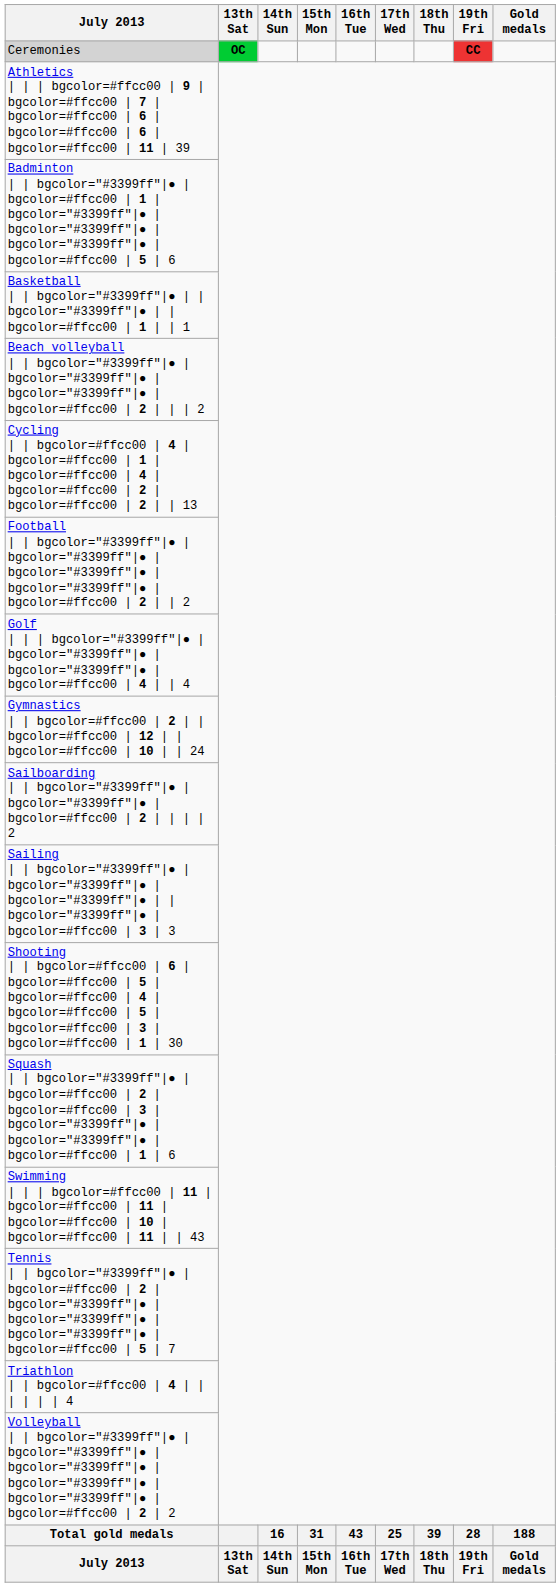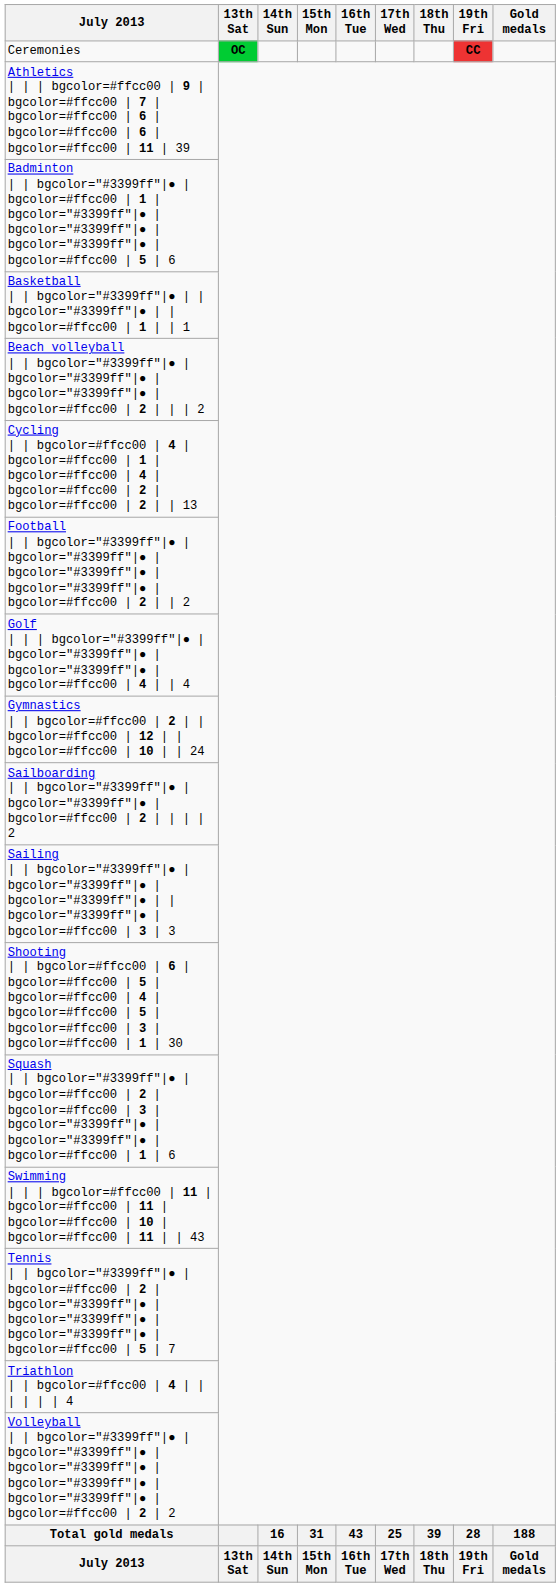 <table class="wikitable" style="margin:0.5em auto; font-size:90%; line-height:1.25em;">
 <tr>
 <th width=200>July 2013</th>
 <th width=32>13th<br>Sat</th>
 <th width=32>14th<br>Sun</th>
 <th width=32>15th<br>Mon</th>
 <th width=32>16th<br>Tue</th>
 <th width=32>17th<br>Wed</th>
 <th width=32>18th<br>Thu</th>
 <th width=32>19th<br>Fri</th>
 <th width=55>Gold<br>medals</th>
 </tr>
 <tr>
-<td style="background: lightgrey;">Ceremonies</td>
+<td>Ceremonies</td>
 <td bgcolor=#00cc33 align=center><strong>OC</strong></td>
 <td></td>
 <td></td>
 <td></td>
 <td></td>
 <td></td>
 <td bgcolor=#ee3333 align=center><strong>CC</strong></td>
 <td></td>
 </tr>
 <tr align="center">
 <td align="left"> <a href='#'>Athletics</a><br>| |  | bgcolor=#ffcc00 | <strong>9</strong> | bgcolor=#ffcc00 | <strong>7</strong> | bgcolor=#ffcc00 | <strong>6</strong> | bgcolor=#ffcc00 | <strong>6</strong> | bgcolor=#ffcc00 | <strong>11</strong> | 39</td>
 </tr>
 <tr align="center">
 <td align="left"> <a href='#'>Badminton</a><br>| | bgcolor="#3399ff"|● | bgcolor=#ffcc00 | <strong>1</strong> | bgcolor="#3399ff"|● | bgcolor="#3399ff"|● | bgcolor="#3399ff"|● | bgcolor=#ffcc00 | <strong>5</strong> | 6</td>
 </tr>
 <tr align="center">
 <td align="left"> <a href='#'>Basketball</a><br>| | bgcolor="#3399ff"|● | | bgcolor="#3399ff"|● |  | bgcolor=#ffcc00 | <strong>1</strong> | | 1</td>
 </tr>
 <tr align="center">
 <td align="left"> <a href='#'>Beach volleyball</a><br>| | bgcolor="#3399ff"|● | bgcolor="#3399ff"|● | bgcolor="#3399ff"|● | bgcolor=#ffcc00 | <strong>2</strong> | | | 2</td>
 </tr>
 <tr align="center">
 <td align="left"> <a href='#'>Cycling</a><br>| | bgcolor=#ffcc00 | <strong>4</strong> | bgcolor=#ffcc00 | <strong>1</strong> | bgcolor=#ffcc00 | <strong>4</strong> | bgcolor=#ffcc00 | <strong>2</strong> | bgcolor=#ffcc00 | <strong>2</strong> | | 13</td>
 </tr>
 <tr align="center">
 <td align="left"> <a href='#'>Football</a><br>| | bgcolor="#3399ff"|● | bgcolor="#3399ff"|● | bgcolor="#3399ff"|● | bgcolor="#3399ff"|● | bgcolor=#ffcc00 | <strong>2</strong> | | 2</td>
 </tr>
 <tr align="center">
 <td align="left"> <a href='#'>Golf</a><br>| |  | bgcolor="#3399ff"|● | bgcolor="#3399ff"|● | bgcolor="#3399ff"|● | bgcolor=#ffcc00 | <strong>4</strong> | | 4</td>
 </tr>
 <tr align="center">
 <td align="left"> <a href='#'>Gymnastics</a><br>| | bgcolor=#ffcc00 | <strong>2</strong> |  | bgcolor=#ffcc00 | <strong>12</strong> | | bgcolor=#ffcc00 | <strong>10</strong> | | 24</td>
 </tr>
 <tr align="center">
 <td align="left"> <a href='#'>Sailboarding</a><br>| | bgcolor="#3399ff"|● | bgcolor="#3399ff"|● | bgcolor=#ffcc00 | <strong>2</strong> | | | | 2</td>
 </tr>
 <tr align="center">
 <td align="left"> <a href='#'>Sailing</a><br>| | bgcolor="#3399ff"|● | bgcolor="#3399ff"|● | bgcolor="#3399ff"|● | | bgcolor="#3399ff"|● | bgcolor=#ffcc00 | <strong>3</strong> | 3</td>
 </tr>
 <tr align="center">
 <td align="left"> <a href='#'>Shooting</a><br>| | bgcolor=#ffcc00 | <strong>6</strong> | bgcolor=#ffcc00 | <strong>5</strong> | bgcolor=#ffcc00 | <strong>4</strong> | bgcolor=#ffcc00 | <strong>5</strong> | bgcolor=#ffcc00 | <strong>3</strong> | bgcolor=#ffcc00 | <strong>1</strong> | 30</td>
 </tr>
 <tr align="center">
 <td align="left"> <a href='#'>Squash</a><br>| | bgcolor="#3399ff"|● | bgcolor=#ffcc00 | <strong>2</strong> | bgcolor=#ffcc00 | <strong>3</strong> | bgcolor="#3399ff"|● | bgcolor="#3399ff"|● | bgcolor=#ffcc00 | <strong>1</strong> | 6</td>
 </tr>
 <tr align="center">
 <td align="left"> <a href='#'>Swimming</a><br>| |  | bgcolor=#ffcc00 | <strong>11</strong> | bgcolor=#ffcc00 | <strong>11</strong> | bgcolor=#ffcc00 | <strong>10</strong> | bgcolor=#ffcc00 | <strong>11</strong> | | 43</td>
 </tr>
 <tr align="center">
 <td align="left"> <a href='#'>Tennis</a><br>| | bgcolor="#3399ff"|● | bgcolor=#ffcc00 | <strong>2</strong> | bgcolor="#3399ff"|● | bgcolor="#3399ff"|● | bgcolor="#3399ff"|● | bgcolor=#ffcc00 | <strong>5</strong> | 7</td>
 </tr>
 <tr align="center">
 <td align="left"> <a href='#'>Triathlon</a><br>| | bgcolor=#ffcc00 | <strong>4</strong> | | | | | | 4</td>
 </tr>
 <tr align="center">
 <td align="left"> <a href='#'>Volleyball</a><br>| | bgcolor="#3399ff"|● | bgcolor="#3399ff"|● | bgcolor="#3399ff"|● | bgcolor="#3399ff"|● | bgcolor="#3399ff"|● | bgcolor=#ffcc00 | <strong>2</strong> | 2</td>
 </tr>
 <tr>
 <th>Total gold medals</th>
 <th></th>
 <th>16</th>
 <th>31</th>
 <th>43</th>
 <th>25</th>
 <th>39</th>
 <th>28</th>
 <th>188</th>
 </tr>
 <tr>
 <th width=200>July 2013</th>
 <th width=32>13th<br>Sat</th>
 <th width=32>14th<br>Sun</th>
 <th width=32>15th<br>Mon</th>
 <th width=32>16th<br>Tue</th>
 <th width=32>17th<br>Wed</th>
 <th width=32>18th<br>Thu</th>
 <th width=32>19th<br>Fri</th>
 <th width=55>Gold<br>medals</th>
 </tr>
 </table>
